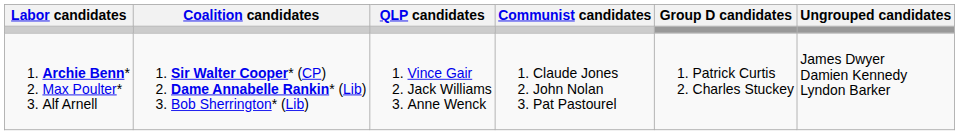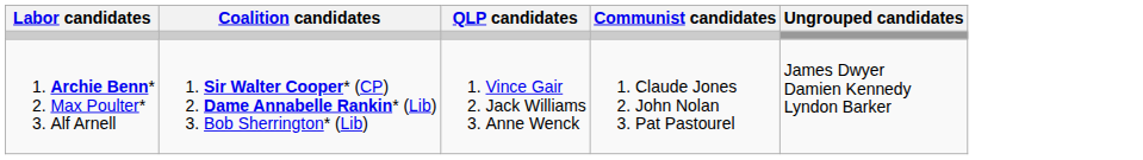 <table class="wikitable">
 <tr>
 <th><a href='#'>Labor</a> candidates</th>
 <th><a href='#'>Coalition</a> candidates</th>
 <th><a href='#'>QLP</a> candidates</th>
 <th><a href='#'>Communist</a> candidates</th>
-<th>Group D candidates</th>
 <th>Ungrouped candidates</th>
 </tr>
 <tr bgcolor="#cccccc">
 <td></td>
 <td></td>
 <td></td>
 <td></td>
 <td bgcolor="#999999"></td>
-<td bgcolor="#999999"></td>
 </tr>
 <tr>
 <td><br><ol><li><strong><a href='#'>Archie Benn</a></strong>*</li><li><a href='#'>Max Poulter</a>*</li><li>Alf Arnell</li></ol></td>
 <td><br><ol><li><strong><a href='#'>Sir Walter Cooper</a></strong>* (<a href='#'>CP</a>)</li><li><strong><a href='#'>Dame Annabelle Rankin</a></strong>* (<a href='#'>Lib</a>)</li><li><a href='#'>Bob Sherrington</a>* (<a href='#'>Lib</a>)</li></ol></td>
 <td valign=top><br><ol><li><a href='#'>Vince Gair</a></li><li>Jack Williams</li><li>Anne Wenck</li></ol></td>
 <td valign=top><br><ol><li>Claude Jones</li><li>John Nolan</li><li>Pat Pastourel</li></ol></td>
-<td valign=top><br><ol><li>Patrick Curtis</li><li>Charles Stuckey</li></ol></td>
 <td valign=top><br>James Dwyer<br> Damien Kennedy<br> Lyndon Barker</td>
 </tr>
 </table>
